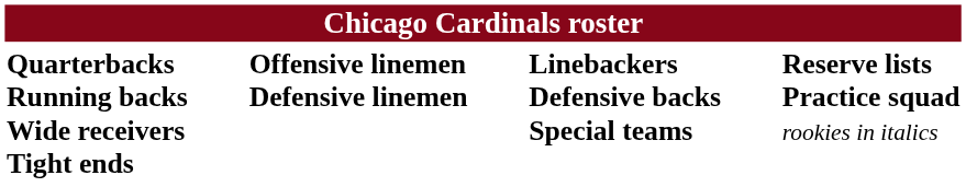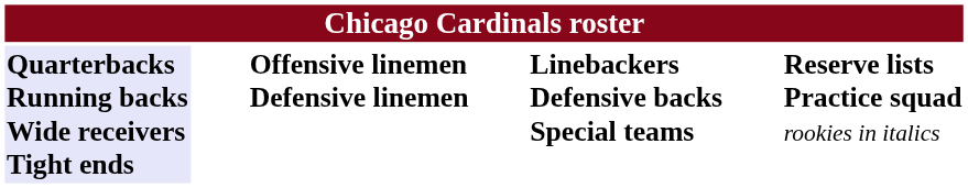 <table class="toccolours" style="text-align: left;">
 <tr>
 <th colspan="9" style="background-color: #870619; color: white; text-align: center;"><strong>Chicago Cardinals roster</strong></th>
 </tr>
 <tr>
-<td style="font-size: 95%;" valign="top"><strong>Quarterbacks</strong><br><strong>Running backs</strong><br><strong>Wide receivers</strong><br><strong>Tight ends</strong></td>
+<td style="background: lavender; font-size: 95%;" valign="top"><strong>Quarterbacks</strong><br><strong>Running backs</strong><br><strong>Wide receivers</strong><br><strong>Tight ends</strong></td>
 <td style="width: 25px;"></td>
 <td style="font-size: 95%;" valign="top"><strong>Offensive linemen</strong><br><strong>Defensive linemen</strong></td>
 <td style="width: 25px;"></td>
 <td style="font-size: 95%;" valign="top"><strong>Linebackers</strong><br><strong>Defensive backs</strong><br><strong>Special teams</strong></td>
 <td style="width: 25px;"></td>
 <td style="font-size: 95%;" valign="top"><strong>Reserve lists</strong><br><strong>Practice squad</strong><br><small><em>rookies in italics</em></small><br></td>
 </tr>
 <tr>
 </tr>
 </table>
